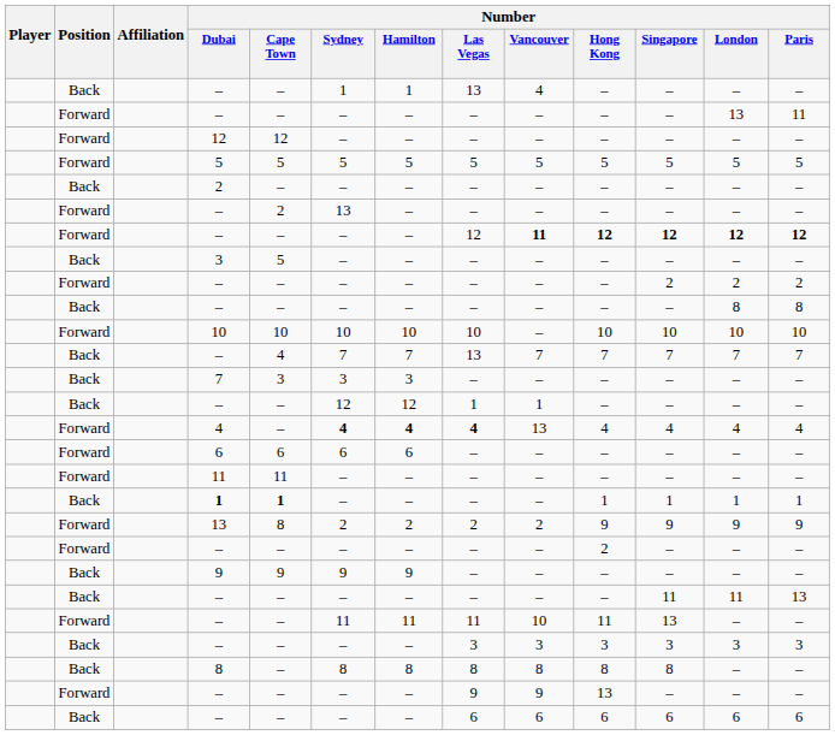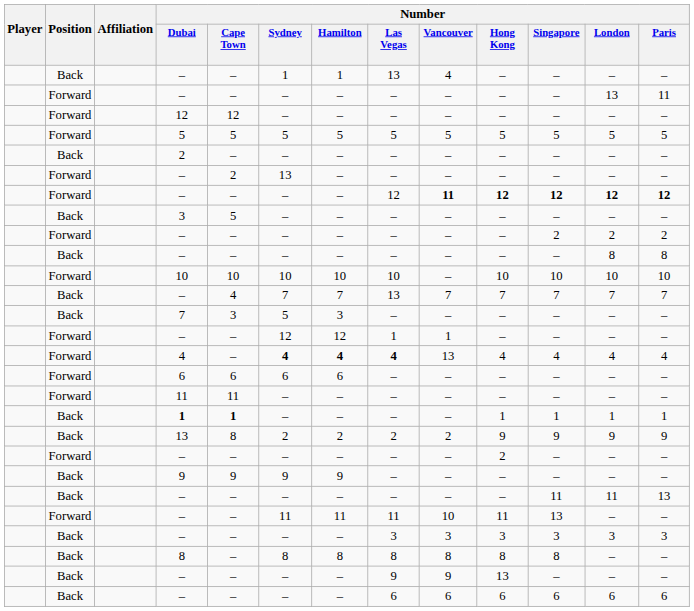 <table class="wikitable sortable" style="text-align:center;">
 <tr>
 <th rowspan=2 style="border-bottom:0px;">Player</th>
 <th rowspan=2 style="border-bottom:0px;">Position</th>
 <th rowspan=2 style="border-bottom:0px;">Affiliation</th>
 <th colspan=10>Number</th>
 </tr>
 <tr>
 <th valign=top style="width:5.2em; border-bottom:0px; padding:2px; font-size:85%;"><a href='#'>Dubai</a></th>
 <th valign=top style="width:5.2em; border-bottom:0px; padding:2px; font-size:85%;"><a href='#'>Cape Town</a></th>
 <th valign=top style="width:5.2em; border-bottom:0px; padding:2px; font-size:85%;"><a href='#'>Sydney</a></th>
 <th valign=top style="width:5.2em; border-bottom:0px; padding:2px; font-size:85%;"><a href='#'>Hamilton</a></th>
 <th valign=top style="width:5.2em; border-bottom:0px; padding:2px; font-size:85%;"><a href='#'>Las<br>Vegas</a></th>
 <th valign=top style="width:5.2em; border-bottom:0px; padding:2px; font-size:85%;"><a href='#'>Vancouver</a></th>
 <th valign=top style="width:5.2em; border-bottom:0px; padding:2px; font-size:85%;"><a href='#'>Hong Kong</a></th>
 <th valign=top style="width:5.2em; border-bottom:0px; padding:2px; font-size:85%;"><a href='#'>Singapore</a></th>
 <th valign=top style="width:5.2em; border-bottom:0px; padding:2px; font-size:85%;"><a href='#'>London</a></th>
 <th valign=top style="width:5.2em; border-bottom:0px; padding:2px; font-size:85%;"><a href='#'>Paris</a></th>
 </tr>
 <tr style="line-height:8px;">
 <th style="border-top:0px;"> </th>
 <th style="border-top:0px;"></th>
 <th style="border-top:0px;"></th>
 <th data-sort-type="number" style="border-top:0px;"></th>
 <th data-sort-type="number" style="border-top:0px;"></th>
 <th data-sort-type="number" style="border-top:0px;"></th>
 <th data-sort-type="number" style="border-top:0px;"></th>
 <th data-sort-type="number" style="border-top:0px;"></th>
 <th data-sort-type="number" style="border-top:0px;"></th>
 <th data-sort-type="number" style="border-top:0px;"></th>
 <th data-sort-type="number" style="border-top:0px;"></th>
 <th data-sort-type="number" style="border-top:0px;"></th>
 <th data-sort-type="number" style="border-top:0px;"></th>
 </tr>
 <tr>
 <td align=left></td>
 <td>Back</td>
 <td></td>
 <td>–</td>
 <td>–</td>
 <td>1</td>
 <td>1</td>
 <td>13</td>
 <td>4</td>
 <td>–</td>
 <td>–</td>
 <td>–</td>
 <td>–</td>
 </tr>
 <tr>
 <td align=left></td>
 <td>Forward</td>
 <td></td>
 <td>–</td>
 <td>–</td>
 <td>–</td>
 <td>–</td>
 <td>–</td>
 <td>–</td>
 <td>–</td>
 <td>–</td>
 <td>13</td>
 <td>11</td>
 </tr>
 <tr>
 <td align=left></td>
 <td>Forward</td>
 <td></td>
 <td>12</td>
 <td>12</td>
 <td>–</td>
 <td>–</td>
 <td>–</td>
 <td>–</td>
 <td>–</td>
 <td>–</td>
 <td>–</td>
 <td>–</td>
 </tr>
 <tr>
 <td align=left></td>
 <td>Forward</td>
 <td></td>
 <td>5</td>
 <td>5</td>
 <td>5</td>
 <td>5</td>
 <td>5</td>
 <td>5</td>
 <td>5</td>
 <td>5</td>
 <td>5</td>
 <td>5</td>
 </tr>
 <tr>
 <td align=left></td>
 <td>Back</td>
 <td></td>
 <td>2</td>
 <td>–</td>
 <td>–</td>
 <td>–</td>
 <td>–</td>
 <td>–</td>
 <td>–</td>
 <td>–</td>
 <td>–</td>
 <td>–</td>
 </tr>
 <tr>
 <td align=left></td>
 <td>Forward</td>
 <td></td>
 <td>–</td>
 <td>2</td>
 <td>13</td>
 <td>–</td>
 <td>–</td>
 <td>–</td>
 <td>–</td>
 <td>–</td>
 <td>–</td>
 <td>–</td>
 </tr>
 <tr>
 <td align=left></td>
 <td>Forward</td>
 <td></td>
 <td>–</td>
 <td>–</td>
 <td>–</td>
 <td>–</td>
 <td>12</td>
 <td><strong>11</strong></td>
 <td><strong>12</strong></td>
 <td><strong>12</strong></td>
 <td><strong>12</strong></td>
 <td><strong>12</strong></td>
 </tr>
 <tr>
 <td align=left></td>
 <td>Back</td>
 <td></td>
 <td>3</td>
 <td>5</td>
 <td>–</td>
 <td>–</td>
 <td>–</td>
 <td>–</td>
 <td>–</td>
 <td>–</td>
 <td>–</td>
 <td>–</td>
 </tr>
 <tr>
 <td align=left></td>
 <td>Forward</td>
 <td></td>
 <td>–</td>
 <td>–</td>
 <td>–</td>
 <td>–</td>
 <td>–</td>
 <td>–</td>
 <td>–</td>
 <td>2</td>
 <td>2</td>
 <td>2</td>
 </tr>
 <tr>
 <td align=left></td>
 <td>Back</td>
 <td></td>
 <td>–</td>
 <td>–</td>
 <td>–</td>
 <td>–</td>
 <td>–</td>
 <td>–</td>
 <td>–</td>
 <td>–</td>
 <td>8</td>
 <td>8</td>
 </tr>
 <tr>
 <td align=left></td>
 <td>Forward</td>
 <td></td>
 <td>10</td>
 <td>10</td>
 <td>10</td>
 <td>10</td>
 <td>10</td>
 <td>–</td>
 <td>10</td>
 <td>10</td>
 <td>10</td>
 <td>10</td>
 </tr>
 <tr>
 <td align=left></td>
 <td>Back</td>
 <td></td>
 <td>–</td>
 <td>4</td>
 <td>7</td>
 <td>7</td>
 <td>13</td>
 <td>7</td>
 <td>7</td>
 <td>7</td>
 <td>7</td>
 <td>7</td>
 </tr>
 <tr>
 <td align=left></td>
 <td>Back</td>
 <td></td>
 <td>7</td>
 <td>3</td>
-<td>3</td>
+<td>5</td>
 <td>3</td>
 <td>–</td>
 <td>–</td>
 <td>–</td>
 <td>–</td>
 <td>–</td>
 <td>–</td>
 </tr>
 <tr>
 <td align=left></td>
-<td>Back</td>
+<td>Forward</td>
 <td></td>
 <td>–</td>
 <td>–</td>
 <td>12</td>
 <td>12</td>
 <td>1</td>
 <td>1</td>
 <td>–</td>
 <td>–</td>
 <td>–</td>
 <td>–</td>
 </tr>
 <tr>
 <td align=left></td>
 <td>Forward</td>
 <td></td>
 <td>4</td>
 <td>–</td>
 <td><strong>4</strong></td>
 <td><strong>4</strong></td>
 <td><strong>4</strong></td>
 <td>13</td>
 <td>4</td>
 <td>4</td>
 <td>4</td>
 <td>4</td>
 </tr>
 <tr>
 <td align=left></td>
 <td>Forward</td>
 <td></td>
 <td>6</td>
 <td>6</td>
 <td>6</td>
 <td>6</td>
 <td>–</td>
 <td>–</td>
 <td>–</td>
 <td>–</td>
 <td>–</td>
 <td>–</td>
 </tr>
 <tr>
 <td align=left></td>
 <td>Forward</td>
 <td></td>
 <td>11</td>
 <td>11</td>
 <td>–</td>
 <td>–</td>
 <td>–</td>
 <td>–</td>
 <td>–</td>
 <td>–</td>
 <td>–</td>
 <td>–</td>
 </tr>
 <tr>
 <td align=left></td>
 <td>Back</td>
 <td></td>
 <td><strong>1</strong></td>
 <td><strong>1</strong></td>
 <td>–</td>
 <td>–</td>
 <td>–</td>
 <td>–</td>
 <td>1</td>
 <td>1</td>
 <td>1</td>
 <td>1</td>
 </tr>
 <tr>
 <td align=left></td>
-<td>Forward</td>
+<td>Back</td>
 <td></td>
 <td>13</td>
 <td>8</td>
 <td>2</td>
 <td>2</td>
 <td>2</td>
 <td>2</td>
 <td>9</td>
 <td>9</td>
 <td>9</td>
 <td>9</td>
 </tr>
 <tr>
 <td align=left></td>
 <td>Forward</td>
 <td></td>
 <td>–</td>
 <td>–</td>
 <td>–</td>
 <td>–</td>
 <td>–</td>
 <td>–</td>
 <td>2</td>
 <td>–</td>
 <td>–</td>
 <td>–</td>
 </tr>
 <tr>
 <td align=left></td>
 <td>Back</td>
 <td></td>
 <td>9</td>
 <td>9</td>
 <td>9</td>
 <td>9</td>
 <td>–</td>
 <td>–</td>
 <td>–</td>
 <td>–</td>
 <td>–</td>
 <td>–</td>
 </tr>
 <tr>
 <td align=left></td>
 <td>Back</td>
 <td></td>
 <td>–</td>
 <td>–</td>
 <td>–</td>
 <td>–</td>
 <td>–</td>
 <td>–</td>
 <td>–</td>
 <td>11</td>
 <td>11</td>
 <td>13</td>
 </tr>
 <tr>
 <td align=left></td>
 <td>Forward</td>
 <td></td>
 <td>–</td>
 <td>–</td>
 <td>11</td>
 <td>11</td>
 <td>11</td>
 <td>10</td>
 <td>11</td>
 <td>13</td>
 <td>–</td>
 <td>–</td>
 </tr>
 <tr>
 <td align=left></td>
 <td>Back</td>
 <td></td>
 <td>–</td>
 <td>–</td>
 <td>–</td>
 <td>–</td>
 <td>3</td>
 <td>3</td>
 <td>3</td>
 <td>3</td>
 <td>3</td>
 <td>3</td>
 </tr>
 <tr>
 <td align=left></td>
 <td>Back</td>
 <td></td>
 <td>8</td>
 <td>–</td>
 <td>8</td>
 <td>8</td>
 <td>8</td>
 <td>8</td>
 <td>8</td>
 <td>8</td>
 <td>–</td>
 <td>–</td>
 </tr>
 <tr>
 <td align=left></td>
-<td>Forward</td>
+<td>Back</td>
 <td></td>
 <td>–</td>
 <td>–</td>
 <td>–</td>
 <td>–</td>
 <td>9</td>
 <td>9</td>
 <td>13</td>
 <td>–</td>
 <td>–</td>
 <td>–</td>
 </tr>
 <tr>
 <td align=left></td>
 <td>Back</td>
 <td></td>
 <td>–</td>
 <td>–</td>
 <td>–</td>
 <td>–</td>
 <td>6</td>
 <td>6</td>
 <td>6</td>
 <td>6</td>
 <td>6</td>
 <td>6</td>
 </tr>
 </table>
